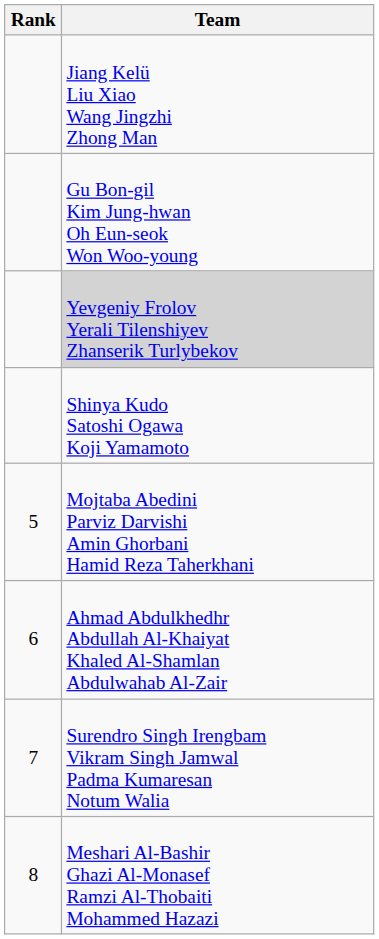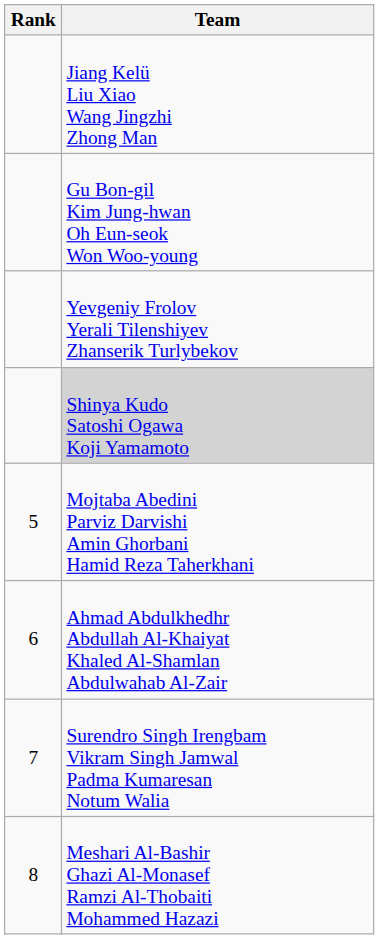 <table class="wikitable" style="text-align: center;">
 <tr>
 <th width=40>Rank</th>
 <th width=250>Team</th>
 </tr>
 <tr>
 <td></td>
 <td align=left><br><a href='#'>Jiang Kelü</a><br><a href='#'>Liu Xiao</a><br><a href='#'>Wang Jingzhi</a><br><a href='#'>Zhong Man</a></td>
 </tr>
 <tr>
 <td></td>
 <td align=left><br><a href='#'>Gu Bon-gil</a><br><a href='#'>Kim Jung-hwan</a><br><a href='#'>Oh Eun-seok</a><br><a href='#'>Won Woo-young</a></td>
 </tr>
 <tr>
 <td></td>
-<td align=left style="background: lightgrey;"><br><a href='#'>Yevgeniy Frolov</a><br><a href='#'>Yerali Tilenshiyev</a><br><a href='#'>Zhanserik Turlybekov</a></td>
+<td align=left><br><a href='#'>Yevgeniy Frolov</a><br><a href='#'>Yerali Tilenshiyev</a><br><a href='#'>Zhanserik Turlybekov</a></td>
 </tr>
 <tr>
 <td></td>
-<td align=left><br><a href='#'>Shinya Kudo</a><br><a href='#'>Satoshi Ogawa</a><br><a href='#'>Koji Yamamoto</a></td>
+<td align=left style="background: lightgrey;"><br><a href='#'>Shinya Kudo</a><br><a href='#'>Satoshi Ogawa</a><br><a href='#'>Koji Yamamoto</a></td>
 </tr>
 <tr>
 <td>5</td>
 <td align=left><br><a href='#'>Mojtaba Abedini</a><br><a href='#'>Parviz Darvishi</a><br><a href='#'>Amin Ghorbani</a><br><a href='#'>Hamid Reza Taherkhani</a></td>
 </tr>
 <tr>
 <td>6</td>
 <td align=left><br><a href='#'>Ahmad Abdulkhedhr</a><br><a href='#'>Abdullah Al-Khaiyat</a><br><a href='#'>Khaled Al-Shamlan</a><br><a href='#'>Abdulwahab Al-Zair</a></td>
 </tr>
 <tr>
 <td>7</td>
 <td align=left><br><a href='#'>Surendro Singh Irengbam</a><br><a href='#'>Vikram Singh Jamwal</a><br><a href='#'>Padma Kumaresan</a><br><a href='#'>Notum Walia</a></td>
 </tr>
 <tr>
 <td>8</td>
 <td align=left><br><a href='#'>Meshari Al-Bashir</a><br><a href='#'>Ghazi Al-Monasef</a><br><a href='#'>Ramzi Al-Thobaiti</a><br><a href='#'>Mohammed Hazazi</a></td>
 </tr>
 </table>
